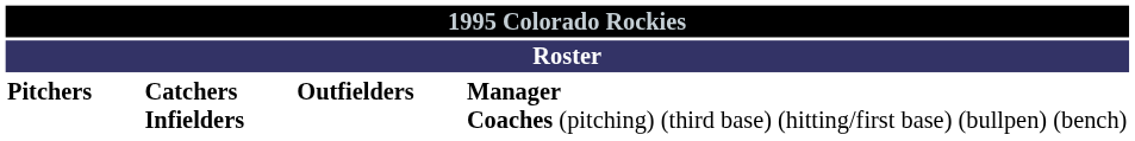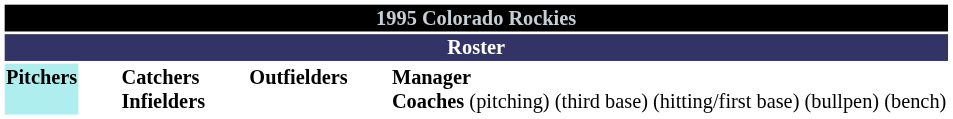 <table class="toccolours" style="font-size: 95%;">
 <tr>
 <th colspan="10" style="background:#000000; color:#C4CED4; text-align:center;">1995 Colorado Rockies</th>
 </tr>
 <tr>
 <td colspan="10" style="background:#333366; color:#FFFFFF; text-align:center;"><strong>Roster</strong></td>
 </tr>
 <tr>
-<td valign="top"><strong>Pitchers</strong><br>                   </td>
+<td valign="top" style="background: paleturquoise;"><strong>Pitchers</strong><br>                   </td>
 <td style="width:25px;"></td>
 <td valign="top"><strong>Catchers</strong><br>    <strong>Infielders</strong>         </td>
 <td style="width:25px;"></td>
 <td valign="top"><strong>Outfielders</strong><br>       </td>
 <td style="width:25px;"></td>
 <td valign="top"><strong>Manager</strong><br> <strong>Coaches</strong>  (pitching)  (third base)  (hitting/first base)  (bullpen)  (bench)</td>
 </tr>
 </table>
